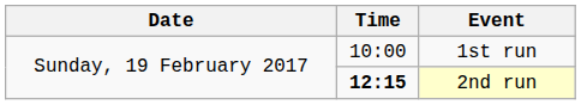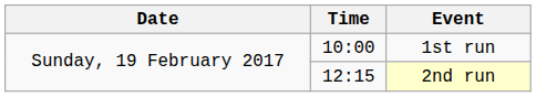 <table class = "wikitable" style="text-align:center;">
 <tr>
 <th width=220>Date</th>
 <th width=50>Time</th>
 <th width=100>Event</th>
 </tr>
 <tr>
 <td rowspan=2>Sunday, 19 February 2017</td>
 <td>10:00</td>
 <td>1st run</td>
 </tr>
 <tr>
-<td><strong>12:15</strong></td>
+<td>12:15</td>
 <td bgcolor=ffffcc>2nd run</td>
 </tr>
 </table>
